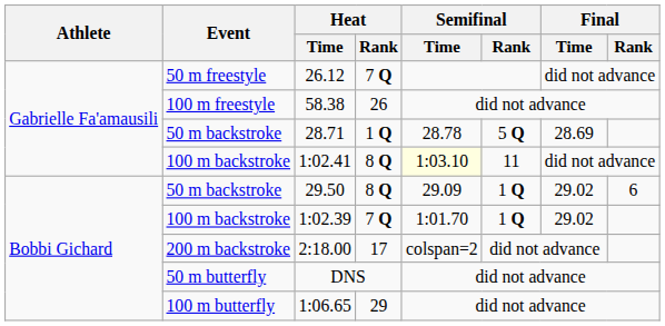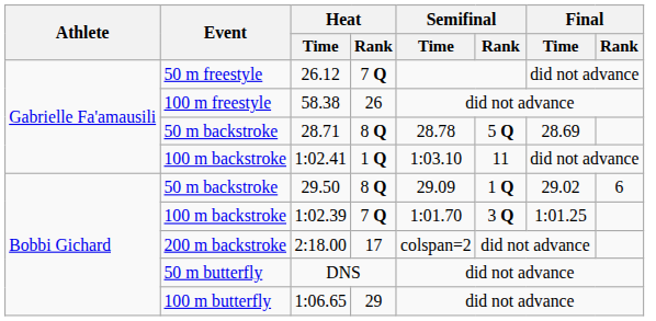 <table class=wikitable style="font-size:90%">
 <tr>
 <th rowspan=2>Athlete</th>
 <th rowspan=2>Event</th>
 <th colspan="2">Heat</th>
 <th colspan="2">Semifinal</th>
 <th colspan="2">Final</th>
 </tr>
 <tr style="font-size:95%">
 <th>Time</th>
 <th>Rank</th>
 <th>Time</th>
 <th>Rank</th>
 <th>Time</th>
 <th>Rank</th>
 </tr>
 <tr align=center>
 <td align=left rowspan=4><a href='#'>Gabrielle Fa'amausili</a></td>
 <td align=left><a href='#'>50 m freestyle</a></td>
 <td>26.12</td>
 <td>7 <strong>Q</strong></td>
 <td colspan=2></td>
 <td colspan=2>did not advance</td>
 </tr>
 <tr align=center>
 <td align=left><a href='#'>100 m freestyle</a></td>
 <td>58.38</td>
 <td>26</td>
 <td colspan=4>did not advance</td>
 </tr>
 <tr align=center>
 <td align=left><a href='#'>50 m backstroke</a></td>
 <td>28.71</td>
-<td>1 <strong>Q</strong></td>
+<td>8 <strong>Q</strong></td>
 <td>28.78</td>
 <td>5 <strong>Q</strong></td>
 <td>28.69</td>
 <td></td>
 </tr>
 <tr align=center>
 <td align=left><a href='#'>100 m backstroke</a></td>
 <td>1:02.41</td>
-<td>8 <strong>Q</strong></td>
-<td style="background: lightyellow;">1:03.10</td>
+<td>1 <strong>Q</strong></td>
+<td>1:03.10</td>
 <td>11</td>
 <td colspan=2>did not advance</td>
 </tr>
 <tr align=center>
 <td align=left rowspan=5><a href='#'>Bobbi Gichard</a></td>
 <td align=left><a href='#'>50 m backstroke</a></td>
 <td>29.50</td>
 <td>8 <strong>Q</strong></td>
 <td>29.09</td>
 <td>1 <strong>Q</strong></td>
 <td>29.02</td>
 <td>6</td>
 </tr>
 <tr align=center>
 <td align=left><a href='#'>100 m backstroke</a></td>
 <td>1:02.39</td>
 <td>7 <strong>Q</strong></td>
 <td>1:01.70</td>
-<td>1 <strong>Q</strong></td>
-<td>29.02</td>
+<td>3 <strong>Q</strong></td>
+<td>1:01.25</td>
 <td></td>
 </tr>
 <tr align=center>
 <td align=left><a href='#'>200 m backstroke</a></td>
 <td>2:18.00</td>
 <td>17</td>
 <td>colspan=2 </td>
 <td colspan=2>did not advance</td>
 </tr>
 <tr align=center>
 <td align=left><a href='#'>50 m butterfly</a></td>
 <td colspan=2>DNS</td>
 <td colspan=4>did not advance</td>
 </tr>
 <tr align=center>
 <td align=left><a href='#'>100 m butterfly</a></td>
 <td>1:06.65</td>
 <td>29</td>
 <td colspan=4>did not advance</td>
 </tr>
 </table>
